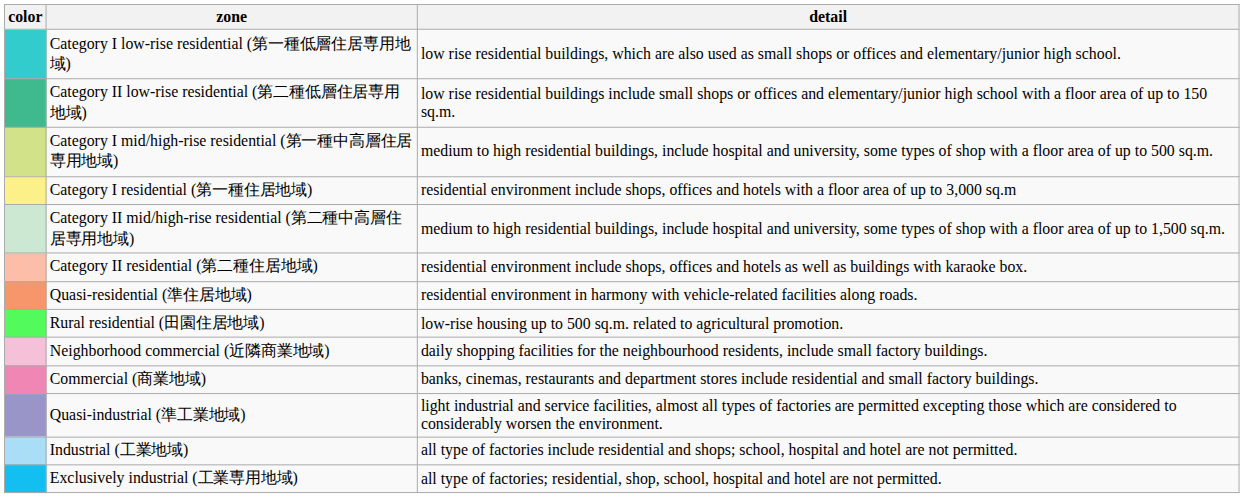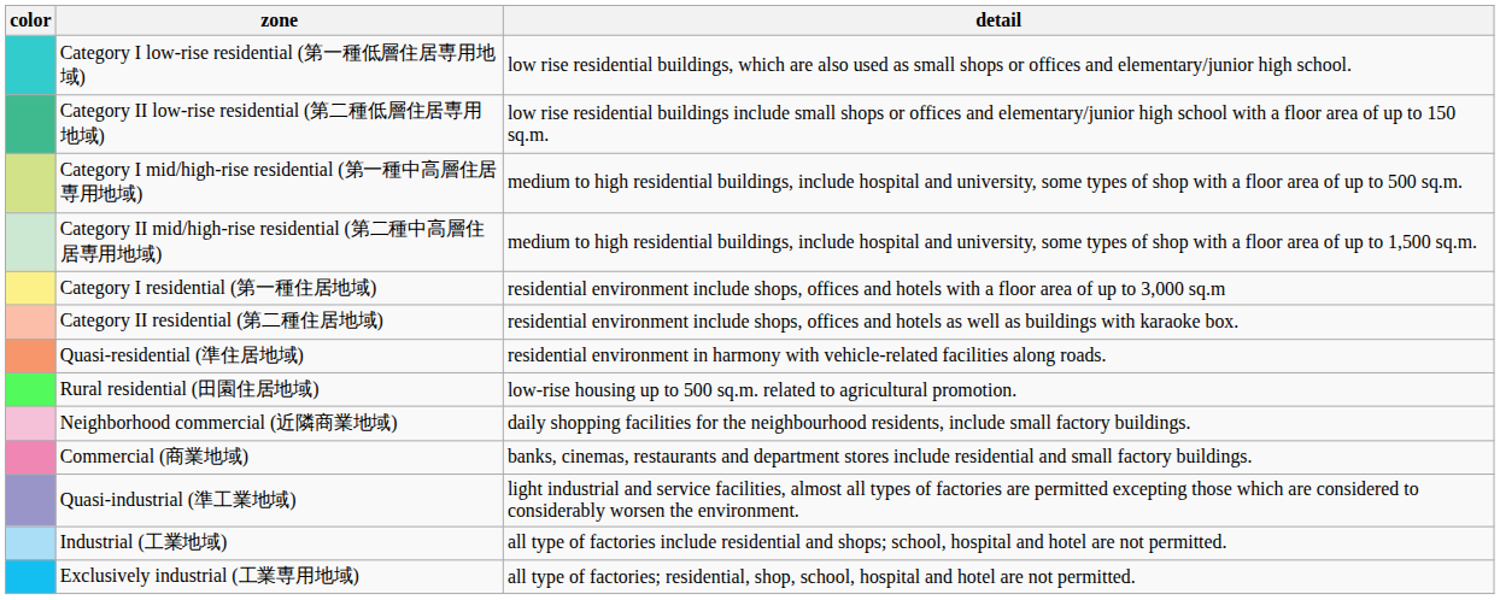 <table class="wikitable">
 <tr>
 <th>color</th>
 <th>zone</th>
 <th>detail</th>
 </tr>
 <tr>
 <td style="background:#33cccc;"></td>
 <td>Category I low-rise residential (第一種低層住居専用地域)</td>
 <td>low rise residential buildings, which are also used as small shops or offices and elementary/junior high school.</td>
 </tr>
 <tr>
 <td style="background:#3fba8e;"></td>
 <td>Category II low-rise residential (第二種低層住居専用地域)</td>
 <td>low rise residential buildings include small shops or offices and elementary/junior high school with a floor area of up to 150 sq.m.</td>
 </tr>
 <tr>
 <td style="background:#d2e289;"></td>
 <td>Category I mid/high-rise residential (第一種中高層住居専用地域)</td>
 <td>medium to high residential buildings, include hospital and university, some types of shop with a floor area of up to 500 sq.m.</td>
 </tr>
 <tr>
+<td style="background:#cce7d2;"></td>
+<td>Category II mid/high-rise residential (第二種中高層住居専用地域)</td>
+<td>medium to high residential buildings, include hospital and university, some types of shop with a floor area of up to 1,500 sq.m.</td>
+</tr>
+<tr>
 <td style="background:#fbf188;"></td>
 <td>Category I residential (第一種住居地域)</td>
 <td>residential environment include shops, offices and hotels with a floor area of up to 3,000 sq.m</td>
-</tr>
-<tr>
-<td style="background:#cce7d2;"></td>
-<td>Category II mid/high-rise residential (第二種中高層住居専用地域)</td>
-<td>medium to high residential buildings, include hospital and university, some types of shop with a floor area of up to 1,500 sq.m.</td>
 </tr>
 <tr>
 <td style="background:#fcbea8;"></td>
 <td>Category II residential (第二種住居地域)</td>
 <td>residential environment include shops, offices and hotels as well as buildings with karaoke box.</td>
 </tr>
 <tr>
 <td style="background:#f7966a;"></td>
 <td>Quasi-residential (準住居地域)</td>
 <td>residential environment in harmony with vehicle-related facilities along roads.</td>
 </tr>
 <tr>
 <td style="background:#52fa5b;"></td>
 <td>Rural residential (田園住居地域)</td>
 <td>low-rise housing up to 500 sq.m. related to agricultural promotion.</td>
 </tr>
 <tr>
 <td style="background:#f5c1d8;"></td>
 <td>Neighborhood commercial (近隣商業地域)</td>
 <td>daily shopping facilities for the neighbourhood residents, include small factory buildings.</td>
 </tr>
 <tr>
 <td style="background:#f086b4;"></td>
 <td>Commercial (商業地域)</td>
 <td>banks, cinemas, restaurants and department stores include residential and small factory buildings.</td>
 </tr>
 <tr>
 <td style="background:#9a95c9;"></td>
 <td>Quasi-industrial (準工業地域)</td>
 <td>light industrial and service facilities, almost all types of factories are permitted excepting those which are considered to considerably worsen the environment.</td>
 </tr>
 <tr>
 <td style="background:#aaddf6;"></td>
 <td>Industrial (工業地域)</td>
 <td>all type of factories include residential and shops; school, hospital and hotel are not permitted.</td>
 </tr>
 <tr>
 <td style="background:#13bff1;"></td>
 <td>Exclusively industrial (工業専用地域)</td>
 <td>all type of factories; residential, shop, school, hospital and hotel are not permitted.</td>
 </tr>
 </table>
